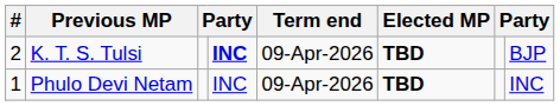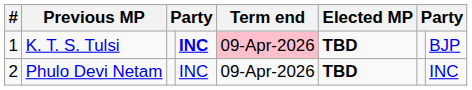 <table class="wikitable sortable">
 <tr>
 <th>#</th>
 <th>Previous MP</th>
 <th colspan="2">Party</th>
 <th>Term end</th>
 <th>Elected MP</th>
 <th colspan="2">Party</th>
 </tr>
 <tr>
-<td>2</td>
+<td>1</td>
 <td><a href='#'>K. T. S. Tulsi</a></td>
 <td></td>
 <td><strong><a href='#'>INC</a></strong></td>
-<td>09-Apr-2026</td>
+<td style="background: pink;">09-Apr-2026</td>
 <td><strong>TBD</strong></td>
 <td></td>
 <td><a href='#'>BJP</a></td>
 </tr>
 <tr>
-<td>1</td>
+<td>2</td>
 <td><a href='#'>Phulo Devi Netam</a></td>
 <td></td>
 <td><a href='#'>INC</a></td>
 <td>09-Apr-2026</td>
 <td><strong>TBD</strong></td>
 <td></td>
 <td><a href='#'>INC</a></td>
 </tr>
 </table>
